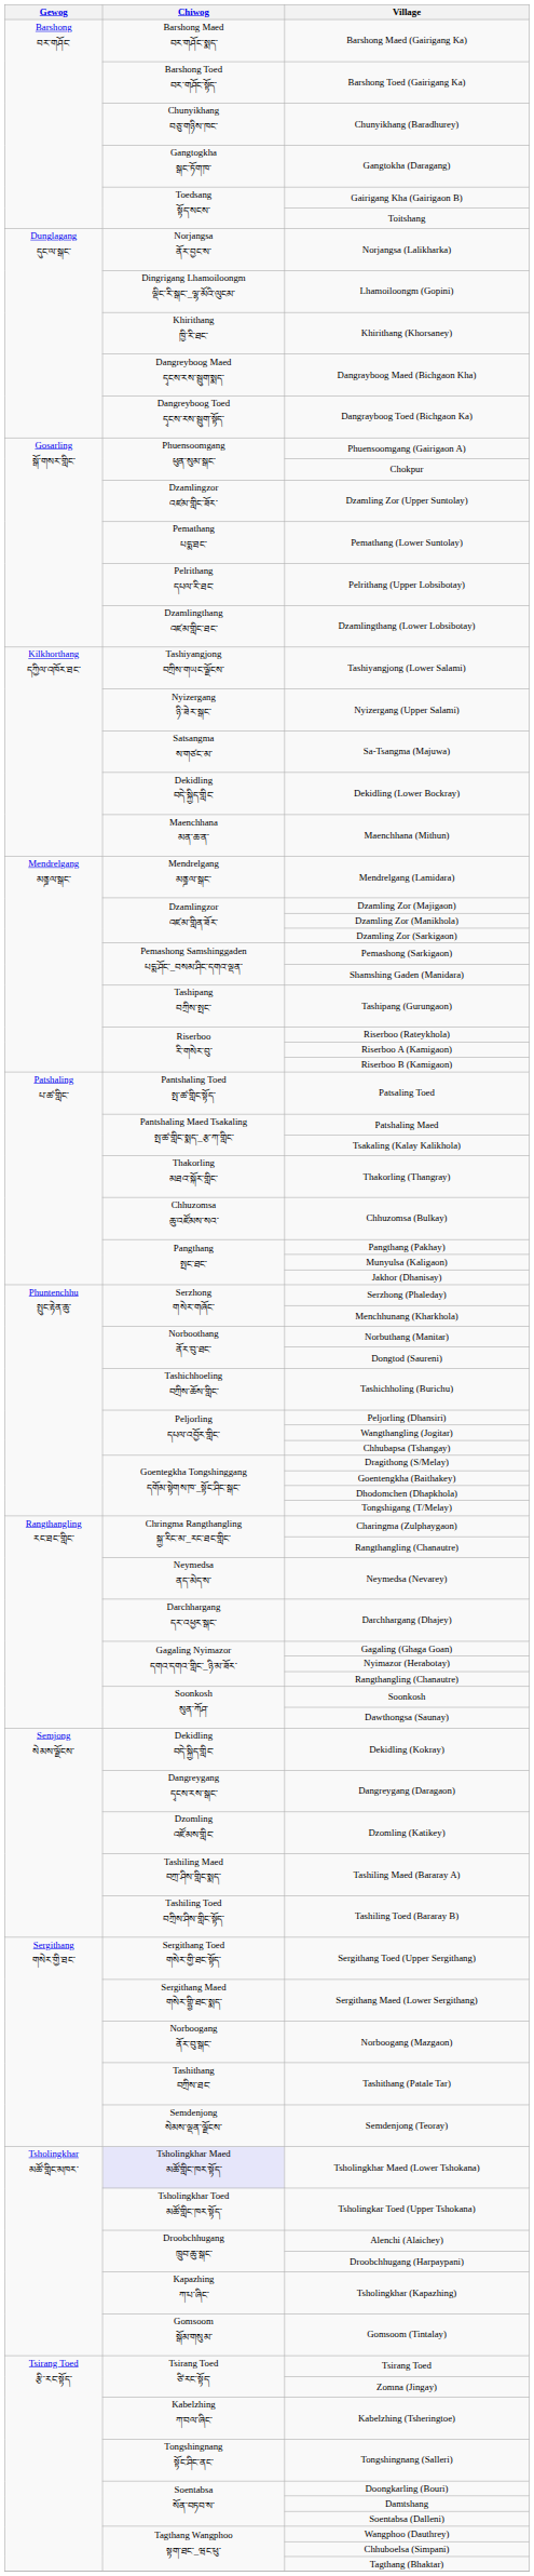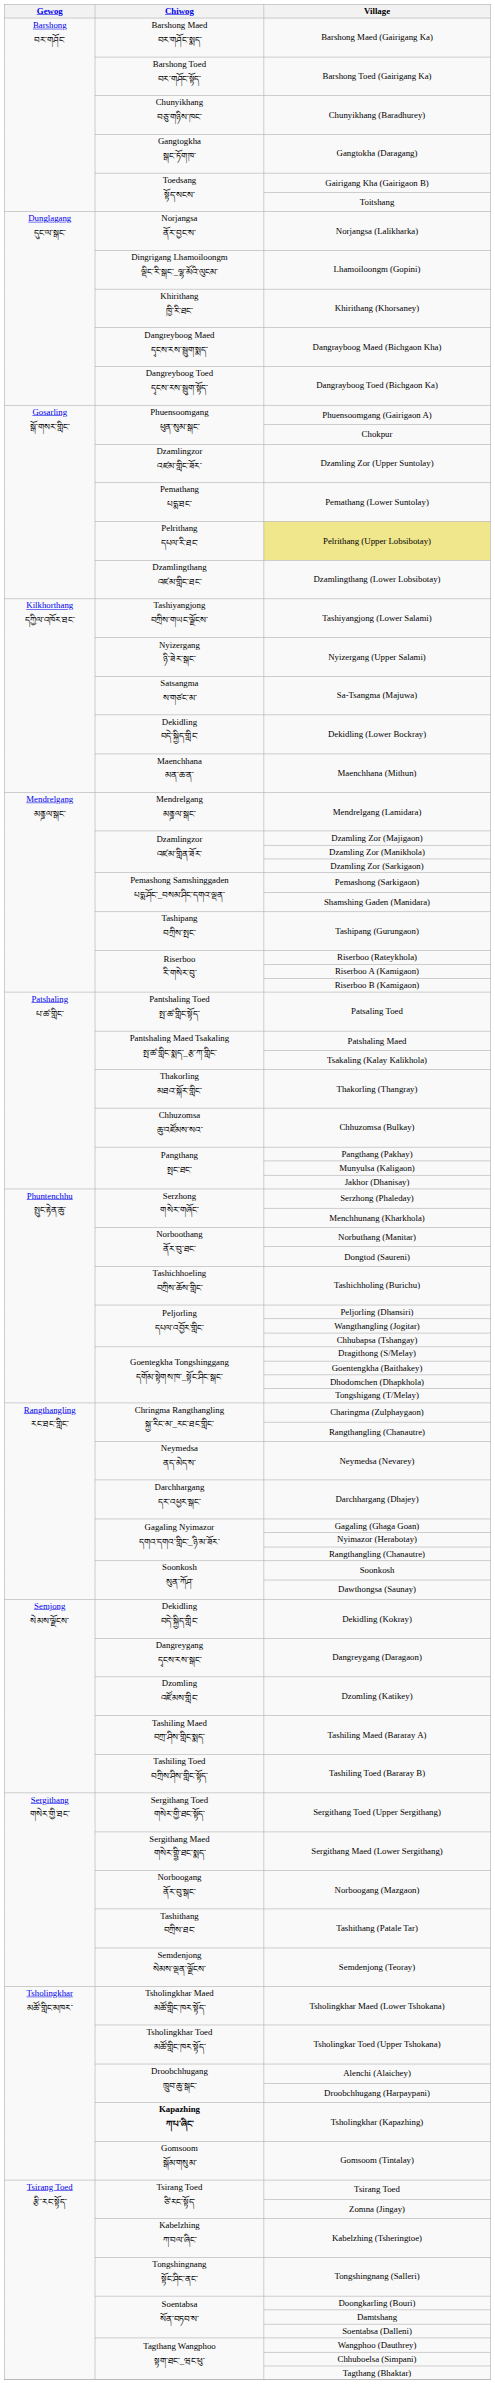 <table class="wikitable" style="width:70%; text-align:center" align="center">
 <tr>
 <th><a href='#'>Gewog</a></th>
 <th><a href='#'>Chiwog</a></th>
 <th>Village</th>
 </tr>
 <tr>
 <td rowspan=6 valign="top"><a href='#'>Barshong</a><br>བར་གཤོང་</td>
 <td>Barshong Maed<br>བར་གཤོང་སྨད་</td>
 <td>Barshong Maed (Gairigang Ka)</td>
 </tr>
 <tr>
 <td>Barshong Toed<br>བར་གཤོང་སྟོད་</td>
 <td>Barshong Toed (Gairigang Ka)</td>
 </tr>
 <tr>
 <td>Chunyikhang<br>བཅུ་གཉིས་ཁང་</td>
 <td>Chunyikhang (Baradhurey)</td>
 </tr>
 <tr>
 <td>Gangtogkha<br>སྒང་ཏོག་ཁ་</td>
 <td>Gangtokha (Daragang)</td>
 </tr>
 <tr>
 <td rowspan=2>Toedsang<br>སྟོད་སངས་</td>
 <td>Gairigang Kha (Gairigaon B)</td>
 </tr>
 <tr>
 <td>Toitshang</td>
 </tr>
 <tr>
 <td rowspan=5 valign="top"><a href='#'>Dunglagang</a><br>དུང་ལ་སྒང་</td>
 <td>Norjangsa<br>ནོར་བྱང་ས་</td>
 <td>Norjangsa (Lalikharka)</td>
 </tr>
 <tr>
 <td>Dingrigang Lhamoiloongm<br>ལྡིང་རི་སྒང་_ལྷ་མོའི་ལུངམ་</td>
 <td>Lhamoiloongm (Gopini)</td>
 </tr>
 <tr>
 <td>Khirithang<br>ཁྱི་རི་ཐང་</td>
 <td>Khirithang (Khorsaney)</td>
 </tr>
 <tr>
 <td>Dangreyboog Maed<br>དྭངས་རས་སྦུག་སྨད་</td>
 <td>Dangrayboog Maed (Bichgaon Kha)</td>
 </tr>
 <tr>
 <td>Dangreyboog Toed<br>དྭངས་རས་སྦུག་སྟོད་</td>
 <td>Dangrayboog Toed (Bichgaon Ka)</td>
 </tr>
 <tr>
 <td rowspan=6 valign="top"><a href='#'>Gosarling</a><br>སྒོ་གསར་གླིང་</td>
 <td rowspan=2>Phuensoomgang<br>ཕུན་སུམ་སྒང་</td>
 <td>Phuensoomgang (Gairigaon A)</td>
 </tr>
 <tr>
 <td>Chokpur</td>
 </tr>
 <tr>
 <td>Dzamlingzor<br>འཛམ་གླིང་ཟོར་</td>
 <td>Dzamling Zor (Upper Suntolay)</td>
 </tr>
 <tr>
 <td>Pemathang<br>པདྨ་ཐང་</td>
 <td>Pemathang (Lower Suntolay)</td>
 </tr>
 <tr>
 <td>Pelrithang<br>དཔལ་རི་ཐང་</td>
-<td>Pelrithang (Upper Lobsibotay)</td>
+<td style="background: khaki;">Pelrithang (Upper Lobsibotay)</td>
 </tr>
 <tr>
 <td>Dzamlingthang<br>འཛམ་གླིང་ཐང་</td>
 <td>Dzamlingthang (Lower Lobsibotay)</td>
 </tr>
 <tr>
 <td rowspan=5 valign="top"><a href='#'>Kilkhorthang</a><br>དཀྱིལ་འཁོར་ཐང་</td>
 <td>Tashiyangjong<br>བཀྲིས་གཡང་ལྗོངས་</td>
 <td>Tashiyangjong (Lower Salami)</td>
 </tr>
 <tr>
 <td>Nyizergang<br>ཉི་ཟེར་སྒང་</td>
 <td>Nyizergang (Upper Salami)</td>
 </tr>
 <tr>
 <td>Satsangma<br>ས་གཙང་མ་</td>
 <td>Sa-Tsangma (Majuwa)</td>
 </tr>
 <tr>
 <td>Dekidling<br>བདེ་སྐྱིད་གླིང་</td>
 <td>Dekidling (Lower Bockray)</td>
 </tr>
 <tr>
 <td>Maenchhana<br>མན་ཆ་ན་</td>
 <td>Maenchhana (Mithun)</td>
 </tr>
 <tr>
 <td rowspan=10 valign="top"><a href='#'>Mendrelgang</a><br>མནྜལ་སྒང་</td>
 <td>Mendrelgang<br>མནྜལ་སྒང་</td>
 <td>Mendrelgang (Lamidara)</td>
 </tr>
 <tr>
 <td rowspan=3>Dzamlingzor<br>འཛམ་གླིན་ཟོར་</td>
 <td>Dzamling Zor (Majigaon)</td>
 </tr>
 <tr>
 <td>Dzamling Zor (Manikhola)</td>
 </tr>
 <tr>
 <td>Dzamling Zor (Sarkigaon)</td>
 </tr>
 <tr>
 <td rowspan=2>Pemashong Samshinggaden<br>པདྨ་ཤོང་_བསམ་ཤིང་དགའ་ལྡན་</td>
 <td>Pemashong (Sarkigaon)</td>
 </tr>
 <tr>
 <td>Shamshing Gaden (Manidara)</td>
 </tr>
 <tr>
 <td>Tashipang<br>བཀྲིས་སྤང་</td>
 <td>Tashipang (Gurungaon)</td>
 </tr>
 <tr>
 <td rowspan=3>Riserboo<br>རི་གསེར་བུ་</td>
 <td>Riserboo (Rateykhola)</td>
 </tr>
 <tr>
 <td>Riserboo A (Kamigaon)</td>
 </tr>
 <tr>
 <td>Riserboo B (Kamigaon)</td>
 </tr>
 <tr>
 <td rowspan=8 valign="top"><a href='#'>Patshaling</a><br>པ་ཚ་གླིང་</td>
 <td>Pantshaling Toed<br>སྤ་ཚ་གླིང་སྟོད་</td>
 <td>Patsaling Toed</td>
 </tr>
 <tr>
 <td rowspan=2>Pantshaling Maed Tsakaling<br>སྤ་ཚ་གླིང་སྨད་_རྩ་ཀ་གླིང་</td>
 <td>Patshaling Maed</td>
 </tr>
 <tr>
 <td>Tsakaling (Kalay Kalikhola)</td>
 </tr>
 <tr>
 <td>Thakorling<br>མཐའ་སྐོར་གླིང་</td>
 <td>Thakorling (Thangray)</td>
 </tr>
 <tr>
 <td>Chhuzomsa<br>ཆུ་འཛོམས་སའ་</td>
 <td>Chhuzomsa (Bulkay)</td>
 </tr>
 <tr>
 <td rowspan=3>Pangthang<br>སྤང་ཐང་</td>
 <td>Pangthang (Pakhay)</td>
 </tr>
 <tr>
 <td>Munyulsa (Kaligaon)</td>
 </tr>
 <tr>
 <td>Jakhor (Dhanisay)</td>
 </tr>
 <tr>
 <td rowspan=12 valign="top"><a href='#'>Phuntenchhu</a><br>སྤུང་རྟེན་ཆུ་</td>
 <td rowspan=2>Serzhong<br>གསེར་གཞོང་</td>
 <td>Serzhong (Phaleday)</td>
 </tr>
 <tr>
 <td>Menchhunang (Kharkhola)</td>
 </tr>
 <tr>
 <td rowspan=2>Norboothang<br>ནོར་བུ་ཐང་</td>
 <td>Norbuthang (Manitar)</td>
 </tr>
 <tr>
 <td>Dongtod (Saureni)</td>
 </tr>
 <tr>
 <td>Tashichhoeling<br>བཀྲིས་ཆོས་གླིང་</td>
 <td>Tashichholing (Burichu)</td>
 </tr>
 <tr>
 <td rowspan=3>Peljorling<br>དཔལ་འབྱོར་གླིང་</td>
 <td>Peljorling (Dhansiri)</td>
 </tr>
 <tr>
 <td>Wangthangling (Jogitar)</td>
 </tr>
 <tr>
 <td>Chhubapsa (Tshangay)</td>
 </tr>
 <tr>
 <td rowspan=4>Goentegkha Tongshinggang<br>དགོམ་སྟེགས་ཁ་_སྟོང་ཤིང་སྒང་</td>
 <td>Dragithong (S/Melay)</td>
 </tr>
 <tr>
 <td>Goentengkha (Baithakey)</td>
 </tr>
 <tr>
 <td>Dhodomchen (Dhapkhola)</td>
 </tr>
 <tr>
 <td>Tongshigang (T/Melay)</td>
 </tr>
 <tr>
 <td rowspan=9 valign="top"><a href='#'>Rangthangling</a><br>རང་ཐང་གླིང་</td>
 <td rowspan=2>Chringma Rangthangling<br>སྐྱ་རིང་མ་_རང་ཐང་གླིང་</td>
 <td>Charingma (Zulphaygaon)</td>
 </tr>
 <tr>
 <td>Rangthangling (Chanautre)</td>
 </tr>
 <tr>
 <td>Neymedsa<br>ནད་མེད་ས་</td>
 <td>Neymedsa (Nevarey)</td>
 </tr>
 <tr>
 <td>Darchhargang<br>དར་འཕྱར་སྒང་</td>
 <td>Darchhargang (Dhajey)</td>
 </tr>
 <tr>
 <td rowspan=3>Gagaling Nyimazor<br>དགའ་དགའ་གླིང་_ཉི་མ་ཟོར་</td>
 <td>Gagaling (Ghaga Goan)</td>
 </tr>
 <tr>
 <td>Nyimazor (Herabotay)</td>
 </tr>
 <tr>
 <td>Rangthangling (Chanautre)</td>
 </tr>
 <tr>
 <td rowspan=2>Soonkosh<br>སུན་ཀོཤ་</td>
 <td>Soonkosh</td>
 </tr>
 <tr>
 <td>Dawthongsa (Saunay)</td>
 </tr>
 <tr>
 <td rowspan=5 valign="top"><a href='#'>Semjong</a><br>སེམས་ལྗོངས་</td>
 <td>Dekidling<br>བདེ་སྐྱིད་གླིང་</td>
 <td>Dekidling (Kokray)</td>
 </tr>
 <tr>
 <td>Dangreygang<br>དྭངས་རས་སྒང་</td>
 <td>Dangreygang (Daragaon)</td>
 </tr>
 <tr>
 <td>Dzomling<br>འཛོམས་གླིང་</td>
 <td>Dzomling (Katikey)</td>
 </tr>
 <tr>
 <td>Tashiling Maed<br>བཀྲ་ཤིས་གླིང་སྨད་</td>
 <td>Tashiling Maed (Bararay A)</td>
 </tr>
 <tr>
 <td>Tashiling Toed<br>བཀྲིས་ཤིས་གླིང་སྟོད་</td>
 <td>Tashiling Toed (Bararay B)</td>
 </tr>
 <tr>
 <td rowspan=5 valign="top"><a href='#'>Sergithang</a><br>གསེར་གྱི་ཐང་</td>
 <td>Sergithang Toed<br>གསེར་གྱི་ཐང་སྟོད་</td>
 <td>Sergithang Toed (Upper Sergithang)</td>
 </tr>
 <tr>
 <td>Sergithang Maed<br>གསེར་གྷྱི་ཐང་སྨད་</td>
 <td>Sergithang Maed (Lower Sergithang)</td>
 </tr>
 <tr>
 <td>Norboogang<br>ནོར་བུ་སྒང་</td>
 <td>Norboogang (Mazgaon)</td>
 </tr>
 <tr>
 <td>Tashithang<br>བཀྲིས་ཐང་</td>
 <td>Tashithang (Patale Tar)</td>
 </tr>
 <tr>
 <td>Semdenjong<br>སེམས་ལྡན་ལྗོངས་</td>
 <td>Semdenjong (Teoray)</td>
 </tr>
 <tr>
 <td rowspan=6 valign="top"><a href='#'>Tsholingkhar</a><br>མཚོ་གླིང་མཁར་</td>
-<td style="background: lavender;">Tsholingkhar Maed<br>མཚོ་གླིང་ཁར་སྟོད་</td>
+<td>Tsholingkhar Maed<br>མཚོ་གླིང་ཁར་སྟོད་</td>
 <td>Tsholingkhar Maed (Lower Tshokana)</td>
 </tr>
 <tr>
 <td>Tsholingkhar Toed<br>མཚོ་གླིང་ཁར་སྟོད་</td>
 <td>Tsholingkar Toed (Upper Tshokana)</td>
 </tr>
 <tr>
 <td rowspan=2>Droobchhugang<br>ཁྲུབ་ཆུ་སྒང་</td>
 <td>Alenchi (Alaichey)</td>
 </tr>
 <tr>
 <td>Droobchhugang (Harpaypani)</td>
 </tr>
 <tr>
-<td>Kapazhing<br>ཀ་པ་ཞིང་</td>
+<td><strong>Kapazhing<br>ཀ་པ་ཞིང་</strong></td>
 <td>Tsholingkhar (Kapazhing)</td>
 </tr>
 <tr>
 <td>Gomsoom<br>སྒོམ་གསུམ་</td>
 <td>Gomsoom (Tintalay)</td>
 </tr>
 <tr>
 <td rowspan=10 valign="top"><a href='#'>Tsirang Toed</a><br>རྩི་རང་སྟོད་</td>
 <td rowspan=2>Tsirang Toed<br>ཙི་རང་སྟོད་</td>
 <td>Tsirang Toed</td>
 </tr>
 <tr>
 <td>Zomna (Jingay)</td>
 </tr>
 <tr>
 <td>Kabelzhing<br>ཀ་བལ་ཞིང་</td>
 <td>Kabelzhing (Tsheringtoe)</td>
 </tr>
 <tr>
 <td>Tongshingnang<br>སྟོང་ཤིང་ནང་</td>
 <td>Tongshingnang (Salleri)</td>
 </tr>
 <tr>
 <td rowspan=3>Soentabsa<br>སོན་བཏབ་ས་</td>
 <td>Doongkarling (Bouri)</td>
 </tr>
 <tr>
 <td>Damtshang</td>
 </tr>
 <tr>
 <td>Soentabsa (Dalleni)</td>
 </tr>
 <tr>
 <td rowspan=3>Tagthang Wangphoo<br>སྟག་ཐང་_ཝང་ཕུ་</td>
 <td>Wangphoo (Dauthrey)</td>
 </tr>
 <tr>
 <td>Chhuboelsa (Simpani)</td>
 </tr>
 <tr>
 <td>Tagthang (Bhaktar)</td>
 </tr>
 <tr>
 </tr>
 </table>
